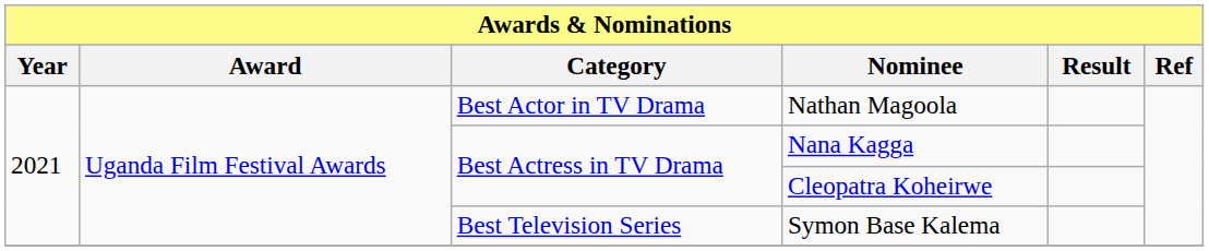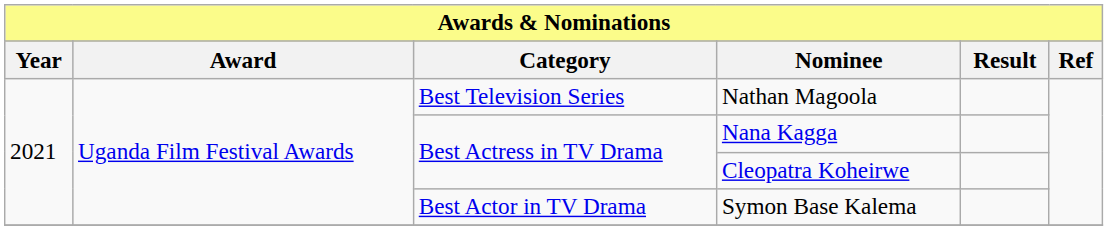 <table class="wikitable" width="60%">
 <tr>
 <th colspan="6" style="background: #FBFC8A;">Awards & Nominations</th>
 </tr>
 <tr style="background:#ccc; text-align:center;">
 <th>Year</th>
 <th>Award</th>
 <th>Category</th>
 <th>Nominee</th>
 <th>Result</th>
 <th>Ref</th>
 </tr>
 <tr>
 <td rowspan=4>2021</td>
 <td rowspan=4><a href='#'>Uganda Film Festival Awards</a></td>
-<td><a href='#'>Best Actor in TV Drama</a></td>
+<td><a href='#'>Best Television Series</a></td>
 <td>Nathan Magoola</td>
 <td></td>
 <td rowspan=4></td>
 </tr>
 <tr>
 <td rowspan=2><a href='#'>Best Actress in TV Drama</a></td>
 <td><a href='#'>Nana Kagga</a></td>
 <td></td>
 </tr>
 <tr>
 <td><a href='#'>Cleopatra Koheirwe</a></td>
 <td></td>
 </tr>
 <tr>
-<td><a href='#'>Best Television Series</a></td>
+<td><a href='#'>Best Actor in TV Drama</a></td>
 <td>Symon Base Kalema</td>
 <td></td>
 </tr>
 <tr>
 </tr>
 </table>
